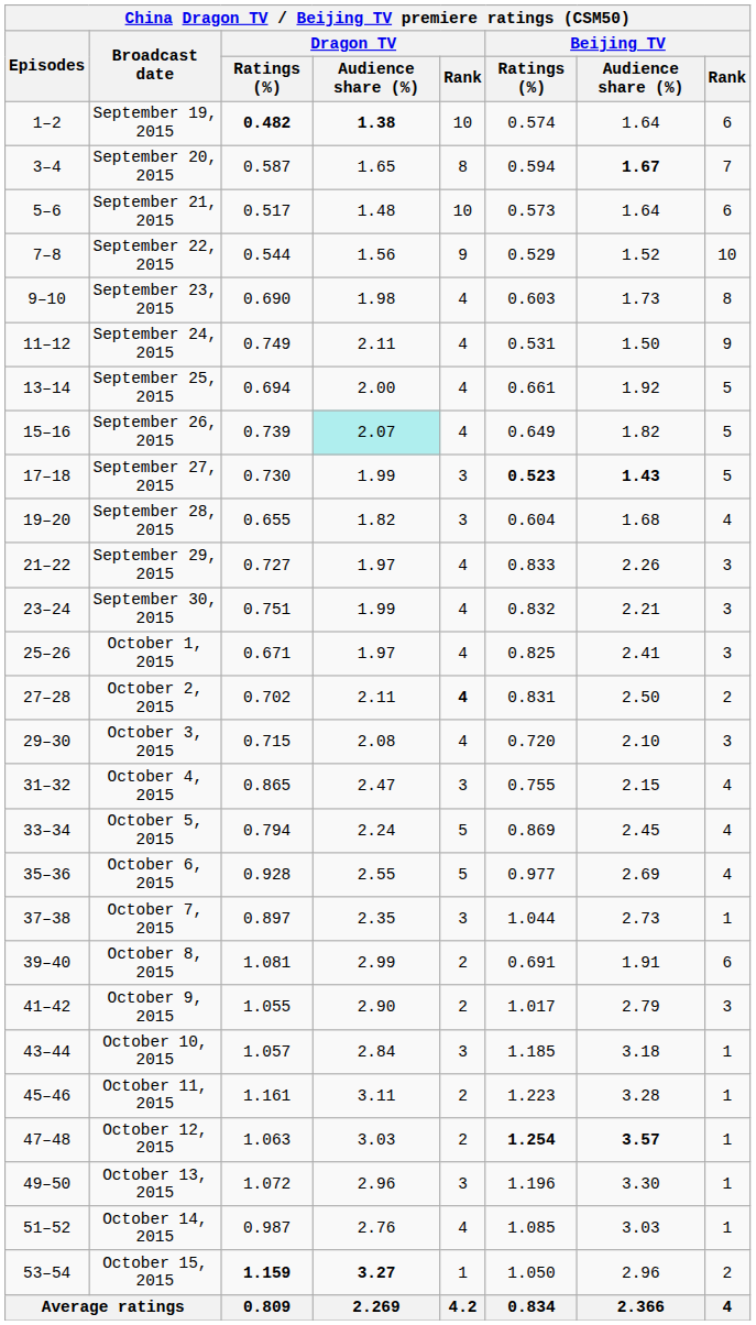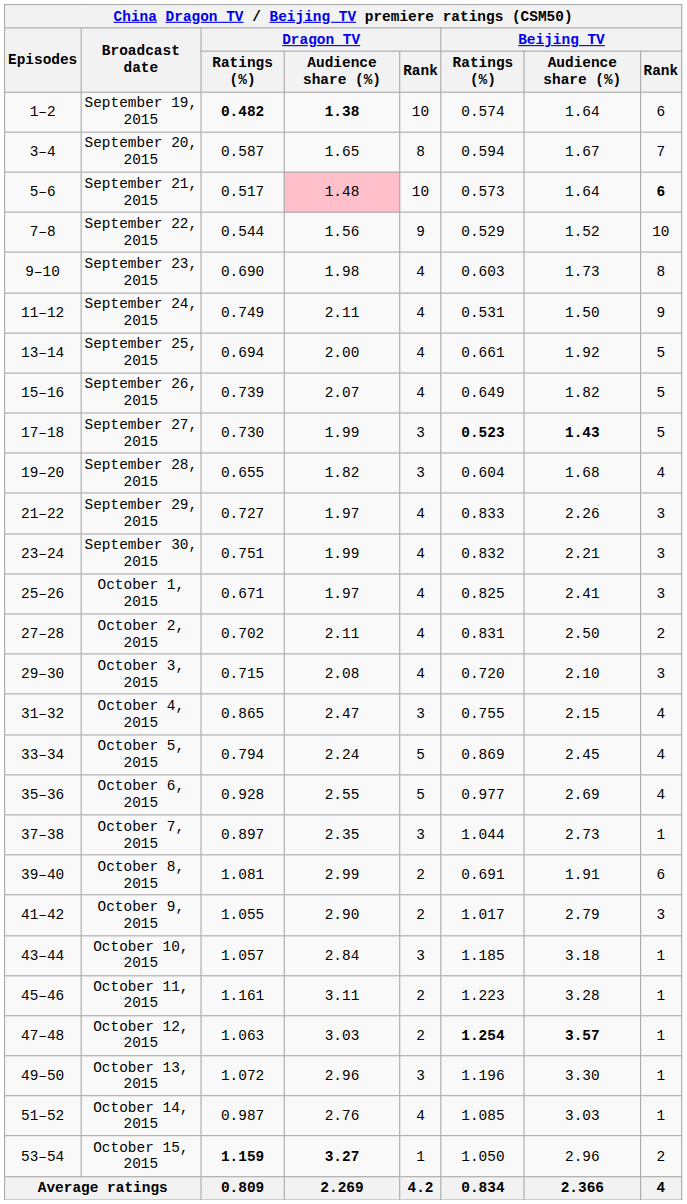 <table class="wikitable sortable mw-collapsible mw-collapsed jquery-tablesorter" style="text-align:center">
 <tr>
 <th colspan="8"><strong><a href='#'>China</a> <a href='#'>Dragon TV</a> / <a href='#'>Beijing TV</a> premiere ratings (CSM50)</strong></th>
 </tr>
 <tr>
 <th rowspan="2"><strong>Episodes</strong></th>
 <th rowspan="2"><strong>Broadcast date</strong></th>
 <th colspan="3"><strong><a href='#'>Dragon TV</a></strong></th>
 <th colspan="3"><strong><a href='#'>Beijing TV</a></strong></th>
 </tr>
 <tr>
 <th><strong>Ratings (%)</strong></th>
 <th><strong>Audience share (%)</strong></th>
 <th><strong>Rank</strong></th>
 <th><strong>Ratings (%)</strong></th>
 <th><strong>Audience share (%)</strong></th>
 <th><strong>Rank</strong></th>
 </tr>
 <tr>
 <td>1–2</td>
 <td>September 19, 2015</td>
 <td><strong><span>0.482</span></strong></td>
 <td><strong><span>1.38</span></strong></td>
 <td>10</td>
 <td>0.574</td>
 <td>1.64</td>
 <td>6</td>
 </tr>
 <tr>
 <td>3–4</td>
 <td>September 20, 2015</td>
 <td>0.587</td>
 <td>1.65</td>
 <td>8</td>
 <td>0.594</td>
-<td><strong>1.67</strong></td>
+<td>1.67</td>
 <td>7</td>
 </tr>
 <tr>
 <td>5–6</td>
 <td>September 21, 2015</td>
 <td>0.517</td>
-<td>1.48</td>
+<td style="background: pink;">1.48</td>
 <td>10</td>
 <td>0.573</td>
 <td>1.64</td>
-<td>6</td>
+<td><strong>6</strong></td>
 </tr>
 <tr>
 <td>7–8</td>
 <td>September 22, 2015</td>
 <td>0.544</td>
 <td>1.56</td>
 <td>9</td>
 <td>0.529</td>
 <td>1.52</td>
 <td>10</td>
 </tr>
 <tr>
 <td>9–10</td>
 <td>September 23, 2015</td>
 <td>0.690</td>
 <td>1.98</td>
 <td>4</td>
 <td>0.603</td>
 <td>1.73</td>
 <td>8</td>
 </tr>
 <tr>
 <td>11–12</td>
 <td>September 24, 2015</td>
 <td>0.749</td>
 <td>2.11</td>
 <td>4</td>
 <td>0.531</td>
 <td>1.50</td>
 <td>9</td>
 </tr>
 <tr>
 <td>13–14</td>
 <td>September 25, 2015</td>
 <td>0.694</td>
 <td>2.00</td>
 <td>4</td>
 <td>0.661</td>
 <td>1.92</td>
 <td>5</td>
 </tr>
 <tr>
 <td>15–16</td>
 <td>September 26, 2015</td>
 <td>0.739</td>
-<td style="background: paleturquoise;">2.07</td>
+<td>2.07</td>
 <td>4</td>
 <td>0.649</td>
 <td>1.82</td>
 <td>5</td>
 </tr>
 <tr>
 <td>17–18</td>
 <td>September 27, 2015</td>
 <td>0.730</td>
 <td>1.99</td>
 <td>3</td>
 <td><strong><span>0.523</span></strong></td>
 <td><strong><span>1.43</span></strong></td>
 <td>5</td>
 </tr>
 <tr>
 <td>19–20</td>
 <td>September 28, 2015</td>
 <td>0.655</td>
 <td>1.82</td>
 <td>3</td>
 <td>0.604</td>
 <td>1.68</td>
 <td>4</td>
 </tr>
 <tr>
 <td>21–22</td>
 <td>September 29, 2015</td>
 <td>0.727</td>
 <td>1.97</td>
 <td>4</td>
 <td>0.833</td>
 <td>2.26</td>
 <td>3</td>
 </tr>
 <tr>
 <td>23–24</td>
 <td>September 30, 2015</td>
 <td>0.751</td>
 <td>1.99</td>
 <td>4</td>
 <td>0.832</td>
 <td>2.21</td>
 <td>3</td>
 </tr>
 <tr>
 <td>25–26</td>
 <td>October 1, 2015</td>
 <td>0.671</td>
 <td>1.97</td>
 <td>4</td>
 <td>0.825</td>
 <td>2.41</td>
 <td>3</td>
 </tr>
 <tr>
 <td>27–28</td>
 <td>October 2, 2015</td>
 <td>0.702</td>
 <td>2.11</td>
-<td><strong>4</strong></td>
+<td>4</td>
 <td>0.831</td>
 <td>2.50</td>
 <td>2</td>
 </tr>
 <tr>
 <td>29–30</td>
 <td>October 3, 2015</td>
 <td>0.715</td>
 <td>2.08</td>
 <td>4</td>
 <td>0.720</td>
 <td>2.10</td>
 <td>3</td>
 </tr>
 <tr>
 <td>31–32</td>
 <td>October 4, 2015</td>
 <td>0.865</td>
 <td>2.47</td>
 <td>3</td>
 <td>0.755</td>
 <td>2.15</td>
 <td>4</td>
 </tr>
 <tr>
 <td>33–34</td>
 <td>October 5, 2015</td>
 <td>0.794</td>
 <td>2.24</td>
 <td>5</td>
 <td>0.869</td>
 <td>2.45</td>
 <td>4</td>
 </tr>
 <tr>
 <td>35–36</td>
 <td>October 6, 2015</td>
 <td>0.928</td>
 <td>2.55</td>
 <td>5</td>
 <td>0.977</td>
 <td>2.69</td>
 <td>4</td>
 </tr>
 <tr>
 <td>37–38</td>
 <td>October 7, 2015</td>
 <td>0.897</td>
 <td>2.35</td>
 <td>3</td>
 <td>1.044</td>
 <td>2.73</td>
 <td>1</td>
 </tr>
 <tr>
 <td>39–40</td>
 <td>October 8, 2015</td>
 <td>1.081</td>
 <td>2.99</td>
 <td>2</td>
 <td>0.691</td>
 <td>1.91</td>
 <td>6</td>
 </tr>
 <tr>
 <td>41–42</td>
 <td>October 9, 2015</td>
 <td>1.055</td>
 <td>2.90</td>
 <td>2</td>
 <td>1.017</td>
 <td>2.79</td>
 <td>3</td>
 </tr>
 <tr>
 <td>43–44</td>
 <td>October 10, 2015</td>
 <td>1.057</td>
 <td>2.84</td>
 <td>3</td>
 <td>1.185</td>
 <td>3.18</td>
 <td>1</td>
 </tr>
 <tr>
 <td>45–46</td>
 <td>October 11, 2015</td>
 <td>1.161</td>
 <td>3.11</td>
 <td>2</td>
 <td>1.223</td>
 <td>3.28</td>
 <td>1</td>
 </tr>
 <tr>
 <td>47–48</td>
 <td>October 12, 2015</td>
 <td>1.063</td>
 <td>3.03</td>
 <td>2</td>
 <td><strong><span>1.254</span></strong></td>
 <td><strong><span>3.57</span></strong></td>
 <td>1</td>
 </tr>
 <tr>
 <td>49–50</td>
 <td>October 13, 2015</td>
 <td>1.072</td>
 <td>2.96</td>
 <td>3</td>
 <td>1.196</td>
 <td>3.30</td>
 <td>1</td>
 </tr>
 <tr>
 <td>51–52</td>
 <td>October 14, 2015</td>
 <td>0.987</td>
 <td>2.76</td>
 <td>4</td>
 <td>1.085</td>
 <td>3.03</td>
 <td>1</td>
 </tr>
 <tr>
 <td>53–54</td>
 <td>October 15, 2015</td>
 <td><strong><span>1.159</span></strong></td>
 <td><strong><span>3.27</span></strong></td>
 <td>1</td>
 <td>1.050</td>
 <td>2.96</td>
 <td>2</td>
 </tr>
 <tr>
 <th colspan="2">Average ratings</th>
 <th>0.809</th>
 <th>2.269</th>
 <th>4.2</th>
 <th>0.834</th>
 <th>2.366</th>
 <th>4</th>
 </tr>
 </table>
